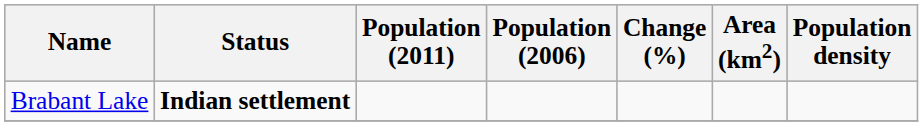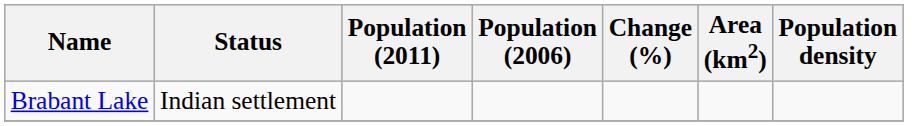 <table class="wikitable sortable">
 <tr>
 <th>Name</th>
 <th>Status</th>
 <th>Population<br>(2011)</th>
 <th>Population<br>(2006)</th>
 <th>Change<br>(%)</th>
 <th>Area<br>(km<sup>2</sup>)</th>
 <th>Population<br>density</th>
 </tr>
 <tr>
 <td><a href='#'>Brabant Lake</a></td>
-<td align=center><strong>Indian settlement</strong></td>
+<td align=center>Indian settlement</td>
 <td align=center></td>
 <td align=center></td>
 <td align=center></td>
 <td align=center></td>
 <td align=center></td>
 </tr>
 <tr>
 </tr>
 </table>
